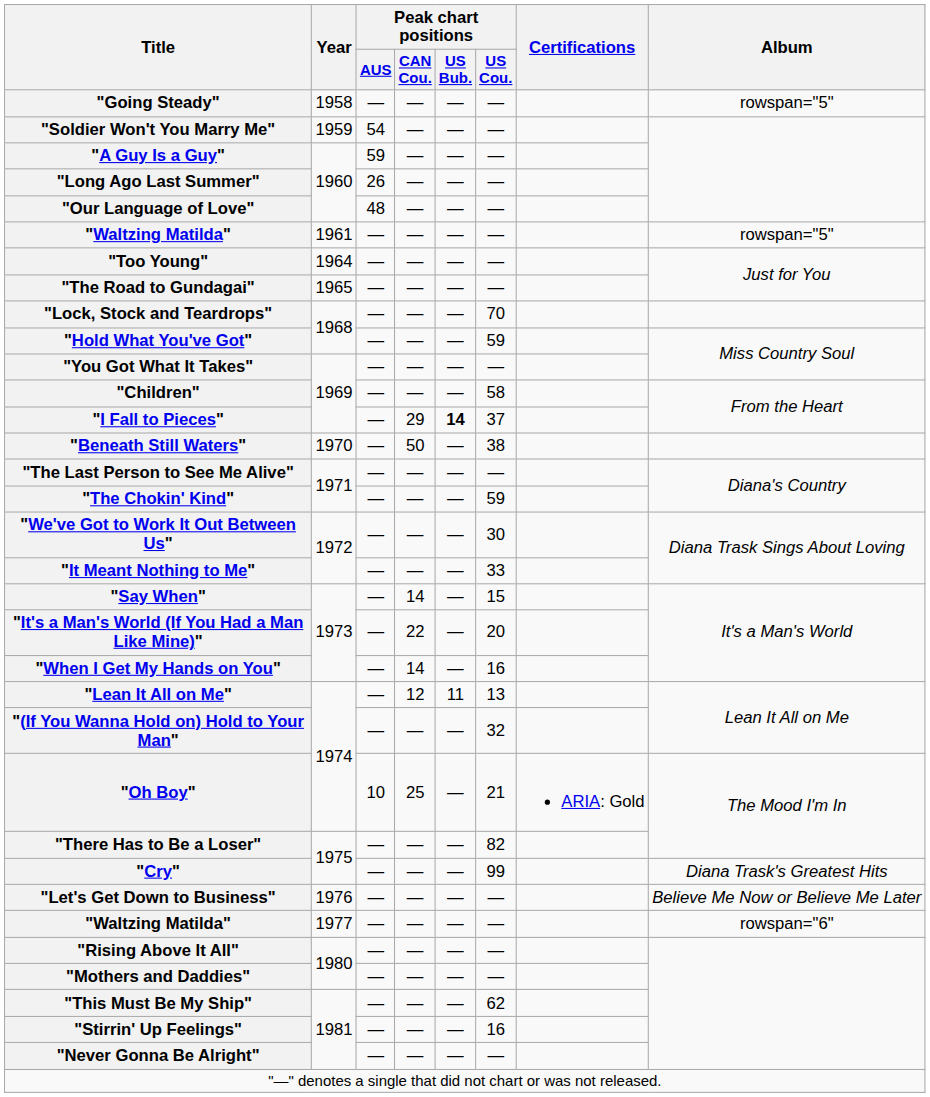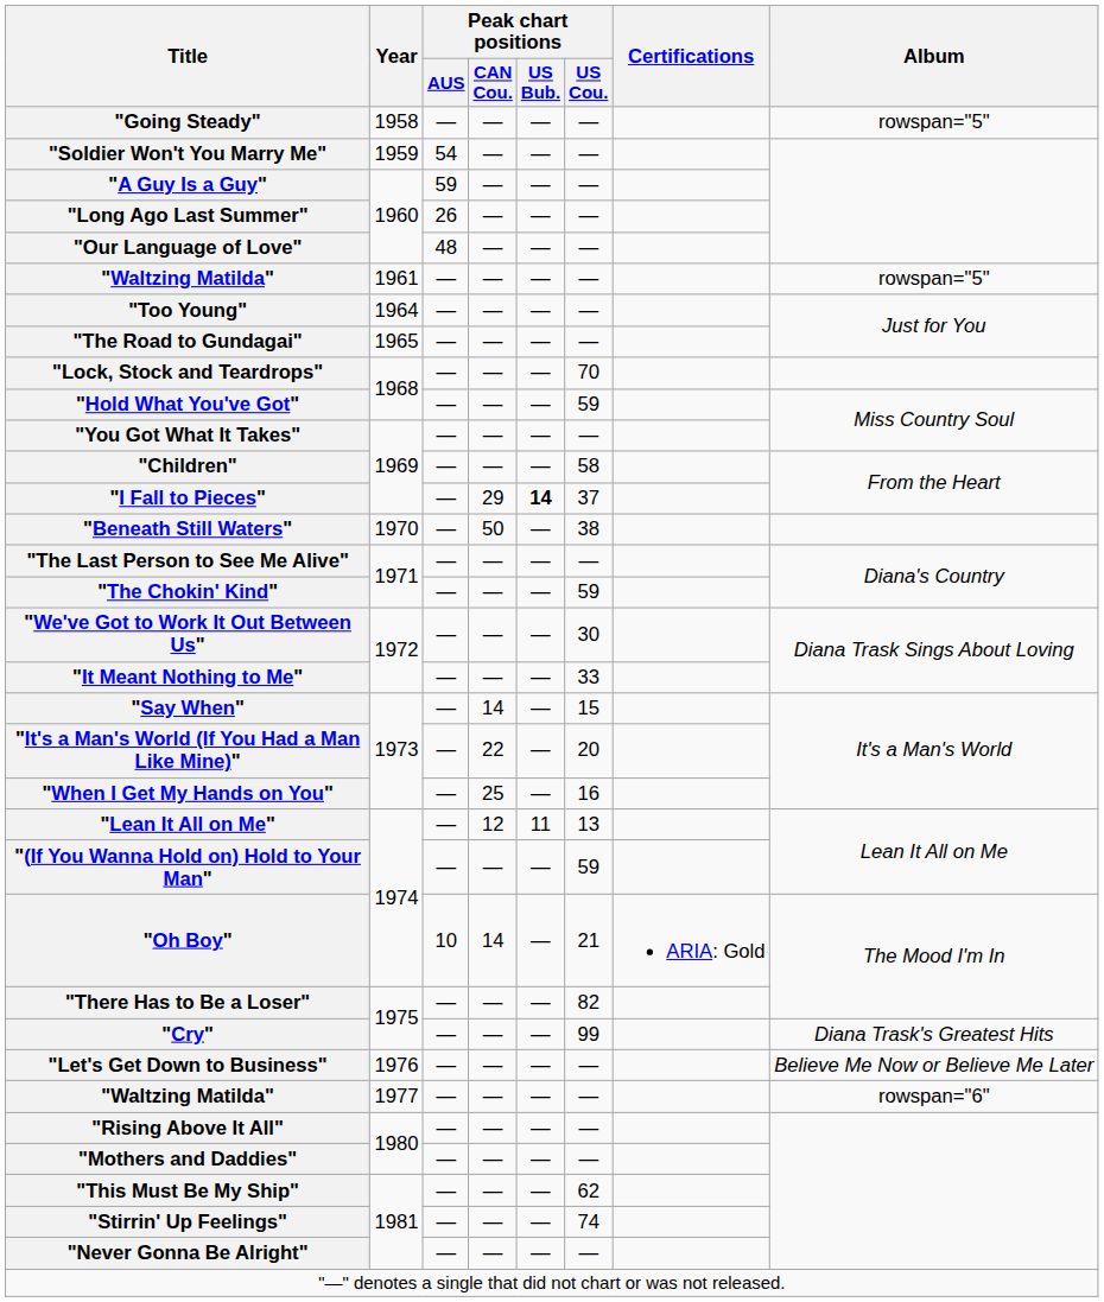 <table class="wikitable plainrowheaders" style="text-align:center;" border="1">
 <tr>
 <th scope="col" rowspan="2" style="width:18em;">Title</th>
 <th scope="col" rowspan="2">Year</th>
 <th scope="col" colspan="4">Peak chart positions</th>
 <th scope="col" rowspan="2"><a href='#'>Certifications</a></th>
 <th scope="col" rowspan="2">Album</th>
 </tr>
 <tr>
 <th scope="col" style="width:2em;font-size:90%;"><a href='#'>AUS</a><br></th>
 <th scope="col" style="width:2em;font-size:90%;"><a href='#'>CAN<br>Cou.</a><br></th>
 <th scope="col" style="width:2em;font-size:90%;"><a href='#'>US<br>Bub.</a><br></th>
 <th scope="col" style="width:2em;font-size:90%;"><a href='#'>US<br>Cou.</a><br></th>
 </tr>
 <tr>
 <th scope="row">"Going Steady"</th>
 <td>1958</td>
 <td>—</td>
 <td>—</td>
 <td>—</td>
 <td>—</td>
 <td></td>
 <td>rowspan="5" </td>
 </tr>
 <tr>
 <th scope="row">"Soldier Won't You Marry Me"</th>
 <td>1959</td>
 <td>54</td>
 <td>—</td>
 <td>—</td>
 <td>—</td>
 <td></td>
 </tr>
 <tr>
 <th scope="row">"<a href='#'>A Guy Is a Guy</a>"</th>
 <td rowspan="3">1960</td>
 <td>59</td>
 <td>—</td>
 <td>—</td>
 <td>—</td>
 <td></td>
 </tr>
 <tr>
 <th scope="row">"Long Ago Last Summer"</th>
 <td>26</td>
 <td>—</td>
 <td>—</td>
 <td>—</td>
 <td></td>
 </tr>
 <tr>
 <th scope="row">"Our Language of Love"</th>
 <td>48</td>
 <td>—</td>
 <td>—</td>
 <td>—</td>
 <td></td>
 </tr>
 <tr>
 <th scope="row">"<a href='#'>Waltzing Matilda</a>"</th>
 <td>1961</td>
 <td>—</td>
 <td>—</td>
 <td>—</td>
 <td>—</td>
 <td></td>
 <td>rowspan="5" </td>
 </tr>
 <tr>
 <th scope="row">"Too Young"</th>
 <td>1964</td>
 <td>—</td>
 <td>—</td>
 <td>—</td>
 <td>—</td>
 <td></td>
 <td rowspan="2"><em>Just for You</em></td>
 </tr>
 <tr>
 <th scope="row">"The Road to Gundagai"</th>
 <td>1965</td>
 <td>—</td>
 <td>—</td>
 <td>—</td>
 <td>—</td>
 <td></td>
 </tr>
 <tr>
 <th scope="row">"Lock, Stock and Teardrops"</th>
 <td rowspan="2">1968</td>
 <td>—</td>
 <td>—</td>
 <td>—</td>
 <td>70</td>
 <td></td>
 <td></td>
 </tr>
 <tr>
 <th scope="row">"<a href='#'>Hold What You've Got</a>"</th>
 <td>—</td>
 <td>—</td>
 <td>—</td>
 <td>59</td>
 <td></td>
 <td rowspan="2"><em>Miss Country Soul</em></td>
 </tr>
 <tr>
 <th scope="row">"You Got What It Takes"</th>
 <td rowspan="3">1969</td>
 <td>—</td>
 <td>—</td>
 <td>—</td>
 <td>—</td>
 <td></td>
 </tr>
 <tr>
 <th scope="row">"Children"</th>
 <td>—</td>
 <td>—</td>
 <td>—</td>
 <td>58</td>
 <td></td>
 <td rowspan="2"><em>From the Heart</em></td>
 </tr>
 <tr>
 <th scope="row">"<a href='#'>I Fall to Pieces</a>"</th>
 <td>—</td>
 <td>29</td>
 <td><strong>14</strong></td>
 <td>37</td>
 <td></td>
 </tr>
 <tr>
 <th scope="row">"<a href='#'>Beneath Still Waters</a>"</th>
 <td>1970</td>
 <td>—</td>
 <td>50</td>
 <td>—</td>
 <td>38</td>
 <td></td>
 <td></td>
 </tr>
 <tr>
 <th scope="row">"The Last Person to See Me Alive"</th>
 <td rowspan="2">1971</td>
 <td>—</td>
 <td>—</td>
 <td>—</td>
 <td>—</td>
 <td></td>
 <td rowspan="2"><em>Diana's Country</em></td>
 </tr>
 <tr>
 <th scope="row">"<a href='#'>The Chokin' Kind</a>"</th>
 <td>—</td>
 <td>—</td>
 <td>—</td>
 <td>59</td>
 <td></td>
 </tr>
 <tr>
 <th scope="row">"<a href='#'>We've Got to Work It Out Between Us</a>"</th>
 <td rowspan="2">1972</td>
 <td>—</td>
 <td>—</td>
 <td>—</td>
 <td>30</td>
 <td></td>
 <td rowspan="2"><em>Diana Trask Sings About Loving</em></td>
 </tr>
 <tr>
 <th scope="row">"<a href='#'>It Meant Nothing to Me</a>"</th>
 <td>—</td>
 <td>—</td>
 <td>—</td>
 <td>33</td>
 <td></td>
 </tr>
 <tr>
 <th scope="row">"<a href='#'>Say When</a>"</th>
 <td rowspan="3">1973</td>
 <td>—</td>
 <td>14</td>
 <td>—</td>
 <td>15</td>
 <td></td>
 <td rowspan="3"><em>It's a Man's World</em></td>
 </tr>
 <tr>
 <th scope="row">"<a href='#'>It's a Man's World (If You Had a Man Like Mine)</a>"</th>
 <td>—</td>
 <td>22</td>
 <td>—</td>
 <td>20</td>
 <td></td>
 </tr>
 <tr>
 <th scope="row">"<a href='#'>When I Get My Hands on You</a>"</th>
 <td>—</td>
-<td>14</td>
+<td>25</td>
 <td>—</td>
 <td>16</td>
 <td></td>
 </tr>
 <tr>
 <th scope="row">"<a href='#'>Lean It All on Me</a>"</th>
 <td rowspan="3">1974</td>
 <td>—</td>
 <td>12</td>
 <td>11</td>
 <td>13</td>
 <td></td>
 <td rowspan="2"><em>Lean It All on Me</em></td>
 </tr>
 <tr>
 <th scope="row">"<a href='#'>(If You Wanna Hold on) Hold to Your Man</a>"</th>
 <td>—</td>
 <td>—</td>
 <td>—</td>
-<td>32</td>
+<td>59</td>
 <td></td>
 </tr>
 <tr>
 <th scope="row">"<a href='#'>Oh Boy</a>"</th>
 <td>10</td>
-<td>25</td>
+<td>14</td>
 <td>—</td>
 <td>21</td>
 <td><br><ul><li><a href='#'>ARIA</a>: Gold</li></ul></td>
 <td rowspan="2"><em>The Mood I'm In</em></td>
 </tr>
 <tr>
 <th scope="row">"There Has to Be a Loser"</th>
 <td rowspan="2">1975</td>
 <td>—</td>
 <td>—</td>
 <td>—</td>
 <td>82</td>
 <td></td>
 </tr>
 <tr>
 <th scope="row">"<a href='#'>Cry</a>"</th>
 <td>—</td>
 <td>—</td>
 <td>—</td>
 <td>99</td>
 <td></td>
 <td><em>Diana Trask's Greatest Hits</em></td>
 </tr>
 <tr>
 <th scope="row">"Let's Get Down to Business"</th>
 <td>1976</td>
 <td>—</td>
 <td>—</td>
 <td>—</td>
 <td>—</td>
 <td></td>
 <td><em>Believe Me Now or Believe Me Later</em></td>
 </tr>
 <tr>
 <th scope="row">"Waltzing Matilda"</th>
 <td>1977</td>
 <td>—</td>
 <td>—</td>
 <td>—</td>
 <td>—</td>
 <td></td>
 <td>rowspan="6" </td>
 </tr>
 <tr>
 <th scope="row">"Rising Above It All"</th>
 <td rowspan="2">1980</td>
 <td>—</td>
 <td>—</td>
 <td>—</td>
 <td>—</td>
 <td></td>
 </tr>
 <tr>
 <th scope="row">"Mothers and Daddies"</th>
 <td>—</td>
 <td>—</td>
 <td>—</td>
 <td>—</td>
 <td></td>
 </tr>
 <tr>
 <th scope="row">"This Must Be My Ship"</th>
 <td rowspan="3">1981</td>
 <td>—</td>
 <td>—</td>
 <td>—</td>
 <td>62</td>
 <td></td>
 </tr>
 <tr>
 <th scope="row">"Stirrin' Up Feelings"</th>
 <td>—</td>
 <td>—</td>
 <td>—</td>
-<td>16</td>
+<td>74</td>
 <td></td>
 </tr>
 <tr>
 <th scope="row">"Never Gonna Be Alright"</th>
 <td>—</td>
 <td>—</td>
 <td>—</td>
 <td>—</td>
 <td></td>
 </tr>
 <tr>
 <td colspan="8" style="font-size:90%">"—" denotes a single that did not chart or was not released.</td>
 </tr>
 </table>
